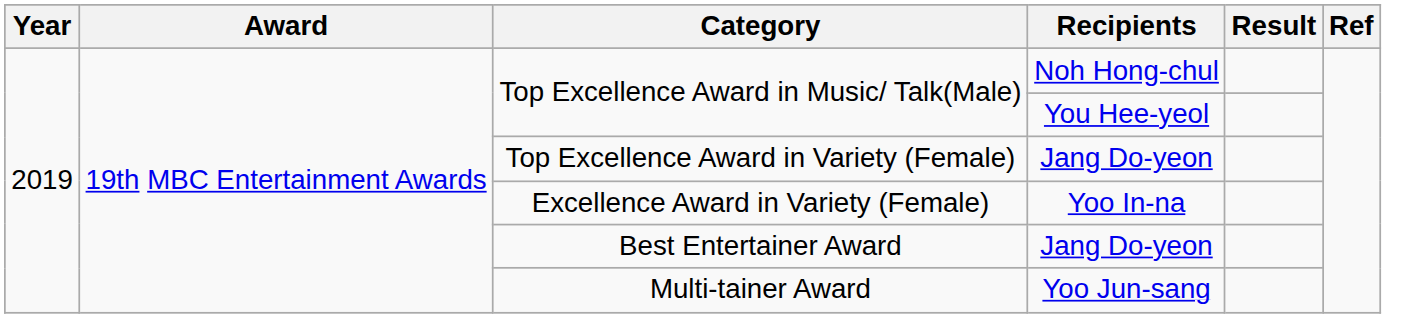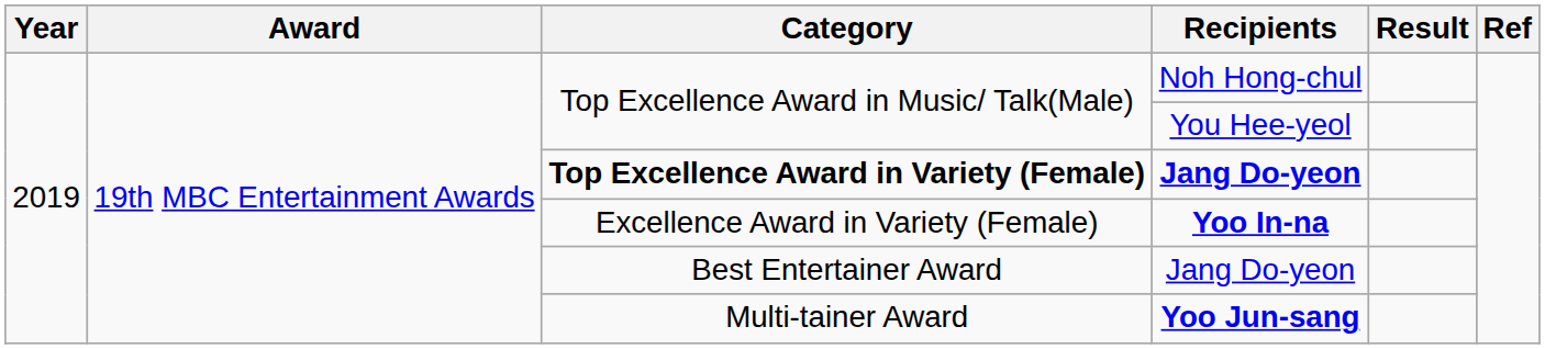 <table class=wikitable style=text-align:center>
 <tr>
 <th>Year</th>
 <th>Award</th>
 <th>Category</th>
 <th>Recipients</th>
 <th>Result</th>
 <th>Ref</th>
 </tr>
 <tr>
 <td rowspan=6>2019</td>
 <td rowspan=6><a href='#'>19th</a> <a href='#'>MBC Entertainment Awards</a></td>
 <td rowspan=2>Top Excellence Award in Music/ Talk(Male)</td>
 <td><a href='#'>Noh Hong-chul</a></td>
 <td></td>
 <td rowspan=6></td>
 </tr>
 <tr>
 <td><a href='#'>You Hee-yeol</a></td>
 <td></td>
 </tr>
 <tr>
-<td>Top Excellence Award in Variety (Female)</td>
-<td><a href='#'>Jang Do-yeon</a></td>
+<td><strong>Top Excellence Award in Variety (Female)</strong></td>
+<td><strong><a href='#'>Jang Do-yeon</a></strong></td>
 <td></td>
 </tr>
 <tr>
 <td>Excellence Award in Variety (Female)</td>
-<td><a href='#'>Yoo In-na</a></td>
+<td><strong><a href='#'>Yoo In-na</a></strong></td>
 <td></td>
 </tr>
 <tr>
 <td>Best Entertainer Award</td>
 <td><a href='#'>Jang Do-yeon</a></td>
 <td></td>
 </tr>
 <tr>
 <td>Multi-tainer Award</td>
-<td><a href='#'>Yoo Jun-sang</a></td>
+<td><strong><a href='#'>Yoo Jun-sang</a></strong></td>
 <td></td>
 </tr>
 </table>
